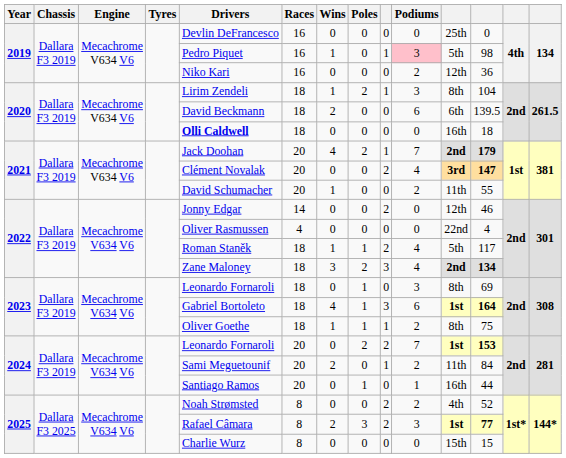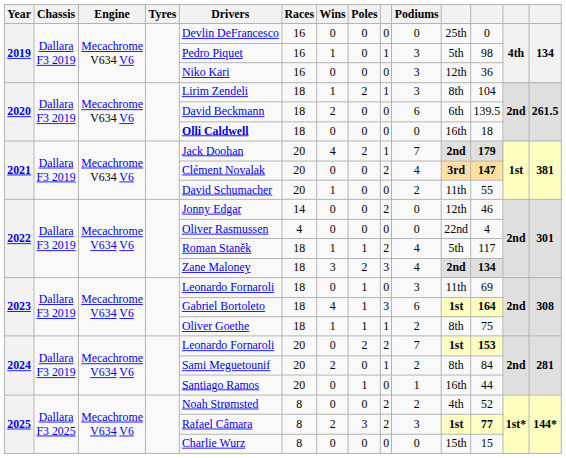 <table class="wikitable" style="text-align:center; font-size:85%">
 <tr>
 <th>Year</th>
 <th>Chassis</th>
 <th>Engine</th>
 <th>Tyres</th>
 <th>Drivers</th>
 <th>Races</th>
 <th>Wins</th>
 <th>Poles</th>
 <th></th>
 <th>Podiums</th>
 <th></th>
 <th></th>
 <th></th>
 <th></th>
 </tr>
 <tr>
 <th rowspan=3><a href='#'>2019</a></th>
 <td rowspan=3><a href='#'>Dallara</a><br><a href='#'>F3 2019</a></td>
 <td rowspan=3><a href='#'>Mecachrome</a><br>V634 <a href='#'>V6</a></td>
 <td rowspan=3></td>
 <td align=left> <a href='#'>Devlin DeFrancesco</a></td>
 <td>16</td>
 <td>0</td>
 <td>0</td>
 <td>0</td>
 <td>0</td>
 <td>25th</td>
 <td>0</td>
 <th rowspan=3>4th</th>
 <th rowspan=3>134</th>
 </tr>
 <tr>
 <td align=left> <a href='#'>Pedro Piquet</a></td>
 <td>16</td>
 <td>1</td>
 <td>0</td>
 <td>1</td>
-<td style="background: pink;">3</td>
+<td>3</td>
 <td>5th</td>
 <td>98</td>
 </tr>
 <tr>
 <td align=left> <a href='#'>Niko Kari</a></td>
 <td>16</td>
 <td>0</td>
 <td>0</td>
 <td>0</td>
-<td>2</td>
+<td>3</td>
 <td>12th</td>
 <td>36</td>
 </tr>
 <tr>
 <th rowspan=3><a href='#'>2020</a></th>
 <td rowspan=3><a href='#'>Dallara</a><br><a href='#'>F3 2019</a></td>
 <td rowspan=3><a href='#'>Mecachrome</a><br>V634 <a href='#'>V6</a></td>
 <td rowspan=3></td>
 <td align=left> <a href='#'>Lirim Zendeli</a></td>
 <td>18</td>
 <td>1</td>
 <td>2</td>
 <td>1</td>
 <td>3</td>
 <td>8th</td>
 <td>104</td>
 <th rowspan=3 style="background:#DFDFDF;">2nd</th>
 <th rowspan=3 style="background:#DFDFDF;">261.5</th>
 </tr>
 <tr>
 <td align=left> <a href='#'>David Beckmann</a></td>
 <td>18</td>
 <td>2</td>
 <td>0</td>
 <td>0</td>
 <td>6</td>
 <td>6th</td>
 <td>139.5</td>
 </tr>
 <tr>
 <td align=left><strong> <a href='#'>Olli Caldwell</a></strong></td>
 <td>18</td>
 <td>0</td>
 <td>0</td>
 <td>0</td>
 <td>0</td>
 <td>16th</td>
 <td>18</td>
 </tr>
 <tr>
 <th rowspan="3"><a href='#'>2021</a></th>
 <td rowspan=3><a href='#'>Dallara</a><br><a href='#'>F3 2019</a></td>
 <td rowspan=3><a href='#'>Mecachrome</a><br>V634 <a href='#'>V6</a></td>
 <td rowspan=3></td>
 <td align=left> <a href='#'>Jack Doohan</a></td>
 <td>20</td>
 <td>4</td>
 <td>2</td>
 <td>1</td>
 <td>7</td>
 <td style="background:#DFDFDF;"><strong>2nd</strong></td>
 <td style="background:#DFDFDF;"><strong>179</strong></td>
 <th rowspan="3" style="background:#FFFFBF;">1st</th>
 <th rowspan="3" style="background:#FFFFBF;">381</th>
 </tr>
 <tr>
 <td align=left> <a href='#'>Clément Novalak</a></td>
 <td>20</td>
 <td>0</td>
 <td>0</td>
 <td>2</td>
 <td>4</td>
 <td style="background:#FFDF9F;"><strong>3rd</strong></td>
 <td style="background:#FFDF9F;"><strong>147</strong></td>
 </tr>
 <tr>
 <td align=left> <a href='#'>David Schumacher</a></td>
 <td>20</td>
 <td>1</td>
 <td>0</td>
 <td>0</td>
 <td>2</td>
 <td>11th</td>
 <td>55</td>
 </tr>
 <tr>
 <th rowspan=4><a href='#'>2022</a></th>
 <td rowspan=4><a href='#'>Dallara</a><br><a href='#'>F3 2019</a></td>
 <td rowspan=4><a href='#'>Mecachrome</a><br><a href='#'>V634</a> <a href='#'>V6</a></td>
 <td rowspan=4></td>
 <td align=left> <a href='#'>Jonny Edgar</a></td>
 <td>14</td>
 <td>0</td>
 <td>0</td>
 <td>2</td>
 <td>0</td>
 <td>12th</td>
 <td>46</td>
 <th rowspan="4" style="background:#DFDFDF;">2nd</th>
 <th rowspan="4" style="background:#DFDFDF;">301</th>
 </tr>
 <tr>
 <td align=left> <a href='#'>Oliver Rasmussen</a></td>
 <td>4</td>
 <td>0</td>
 <td>0</td>
 <td>0</td>
 <td>0</td>
 <td>22nd</td>
 <td>4</td>
 </tr>
 <tr>
 <td align=left> <a href='#'>Roman Staněk</a></td>
 <td>18</td>
 <td>1</td>
 <td>1</td>
 <td>2</td>
 <td>4</td>
 <td style="background:#;">5th</td>
 <td style="background:#;">117</td>
 </tr>
 <tr>
 <td align=left> <a href='#'>Zane Maloney</a></td>
 <td>18</td>
 <td>3</td>
 <td>2</td>
 <td>3</td>
 <td>4</td>
 <td style="background:#DFDFDF;"><strong>2nd</strong></td>
 <td style="background:#DFDFDF;"><strong>134</strong></td>
 </tr>
 <tr>
 <th rowspan=3><a href='#'>2023</a></th>
 <td rowspan=3><a href='#'>Dallara</a><br><a href='#'>F3 2019</a></td>
 <td rowspan=3><a href='#'>Mecachrome</a><br><a href='#'>V634</a> <a href='#'>V6</a></td>
 <td rowspan=3></td>
 <td align=left> <a href='#'>Leonardo Fornaroli</a></td>
 <td>18</td>
 <td>0</td>
 <td>1</td>
 <td>0</td>
 <td>3</td>
-<td style="background:#;">8th</td>
+<td style="background:#;">11th</td>
 <td style="background:#;">69</td>
 <th rowspan=3 style="background:#DFDFDF;">2nd</th>
 <th rowspan=3 style="background:#DFDFDF;">308</th>
 </tr>
 <tr>
 <td align=left> <a href='#'>Gabriel Bortoleto</a></td>
 <td>18</td>
 <td>4</td>
 <td>1</td>
 <td>3</td>
 <td>6</td>
 <td style="background:#FFFFBF;"><strong>1st</strong></td>
 <td style="background:#FFFFBF;"><strong>164</strong></td>
 </tr>
 <tr>
 <td align=left> <a href='#'>Oliver Goethe</a></td>
 <td>18</td>
 <td>1</td>
 <td>1</td>
 <td>1</td>
 <td>2</td>
 <td style="background:#;">8th</td>
 <td style="background:#;">75</td>
 </tr>
 <tr>
 <th rowspan=3><a href='#'>2024</a></th>
 <td rowspan=3><a href='#'>Dallara</a><br><a href='#'>F3 2019</a></td>
 <td rowspan=3><a href='#'>Mecachrome</a><br><a href='#'>V634</a> <a href='#'>V6</a></td>
 <td rowspan=3></td>
 <td align=left> <a href='#'>Leonardo Fornaroli</a></td>
 <td>20</td>
 <td>0</td>
 <td>2</td>
 <td>2</td>
 <td>7</td>
 <td style="background:#FFFFBF;"><strong>1st</strong></td>
 <td style="background:#FFFFBF;"><strong>153</strong></td>
 <th rowspan=3 style="background:#DFDFDF;">2nd</th>
 <th rowspan=3 style="background:#DFDFDF;">281</th>
 </tr>
 <tr>
 <td align=left> <a href='#'>Sami Meguetounif</a></td>
 <td>20</td>
 <td>2</td>
 <td>0</td>
 <td>1</td>
 <td>2</td>
-<td style="background:#;">11th</td>
+<td style="background:#;">8th</td>
 <td style="background:#;">84</td>
 </tr>
 <tr>
 <td align=left> <a href='#'>Santiago Ramos</a></td>
 <td>20</td>
 <td>0</td>
 <td>1</td>
 <td>0</td>
 <td>1</td>
 <td style="background:#;">16th</td>
 <td style="background:#;">44</td>
 </tr>
 <tr>
 <th rowspan=3><a href='#'>2025</a></th>
 <td rowspan=3><a href='#'>Dallara</a><br><a href='#'>F3 2025</a></td>
 <td rowspan=3><a href='#'>Mecachrome</a><br><a href='#'>V634</a> <a href='#'>V6</a></td>
 <td rowspan=3></td>
 <td align=left> <a href='#'>Noah Strømsted</a></td>
 <td>8</td>
 <td>0</td>
 <td>0</td>
 <td>2</td>
 <td>2</td>
 <td style="background:#;">4th</td>
 <td style="background:#;">52</td>
 <th rowspan=3 style="background:#FFFFBF;">1st*</th>
 <th rowspan=3 style="background:#FFFFBF;">144*</th>
 </tr>
 <tr>
 <td align=left> <a href='#'>Rafael Câmara</a></td>
 <td>8</td>
 <td>2</td>
 <td>3</td>
 <td>2</td>
 <td>3</td>
 <td style="background:#FFFFBF;"><strong>1st</strong></td>
 <td style="background:#FFFFBF;"><strong>77</strong></td>
 </tr>
 <tr>
 <td align=left> <a href='#'>Charlie Wurz</a></td>
 <td>8</td>
 <td>0</td>
 <td>0</td>
 <td>0</td>
 <td>0</td>
 <td style="background:#;">15th</td>
 <td style="background:#;">15</td>
 </tr>
 </table>
